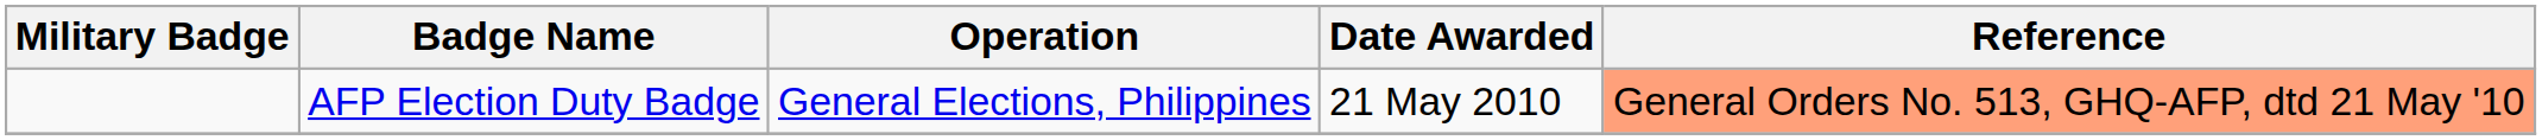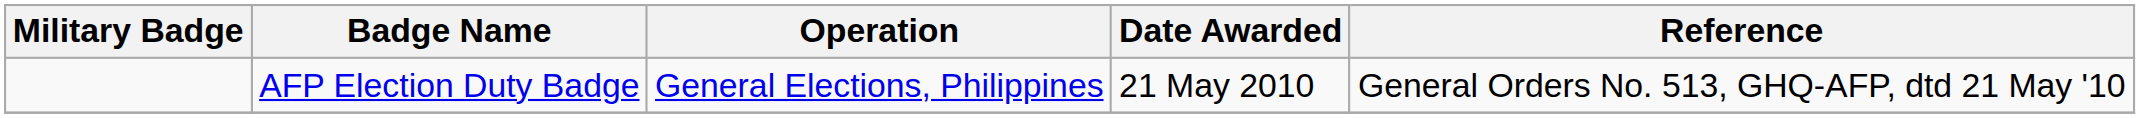 <table class="wikitable">
 <tr>
 <th>Military Badge</th>
 <th>Badge Name</th>
 <th>Operation</th>
 <th>Date Awarded</th>
 <th>Reference</th>
 </tr>
 <tr>
 <td></td>
 <td><a href='#'>AFP Election Duty Badge</a></td>
 <td><a href='#'>General Elections, Philippines</a></td>
 <td>21 May 2010</td>
-<td style="background: lightsalmon;">General Orders No. 513, GHQ-AFP, dtd 21 May '10</td>
+<td>General Orders No. 513, GHQ-AFP, dtd 21 May '10</td>
 </tr>
 <tr>
 </tr>
 </table>
